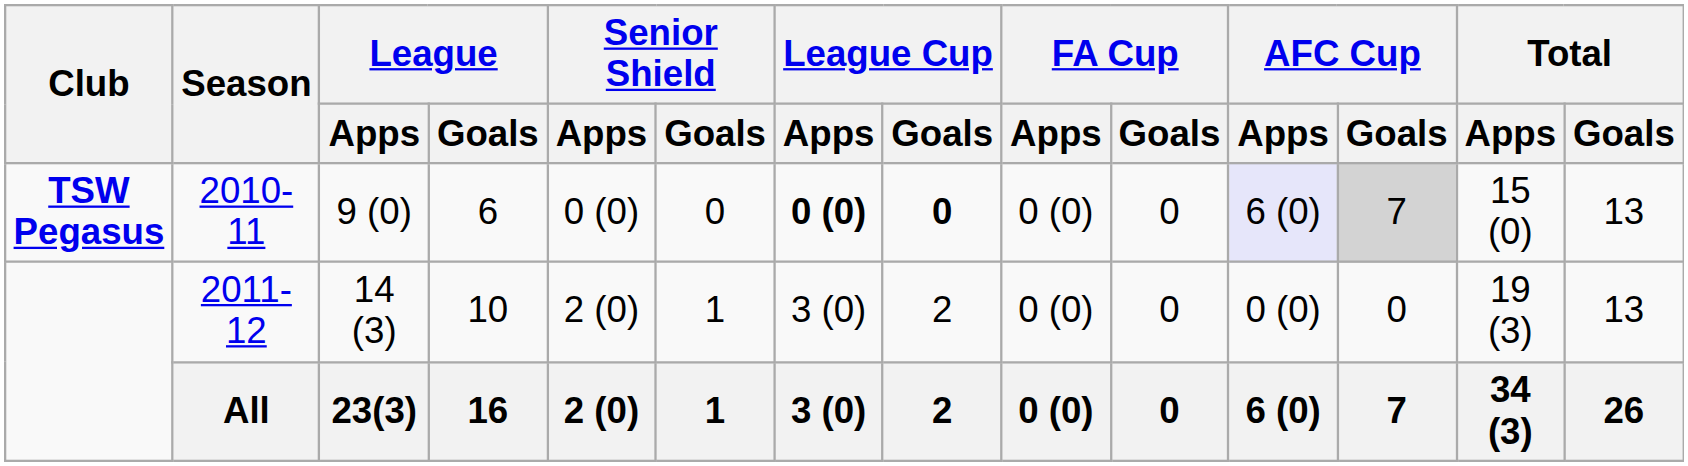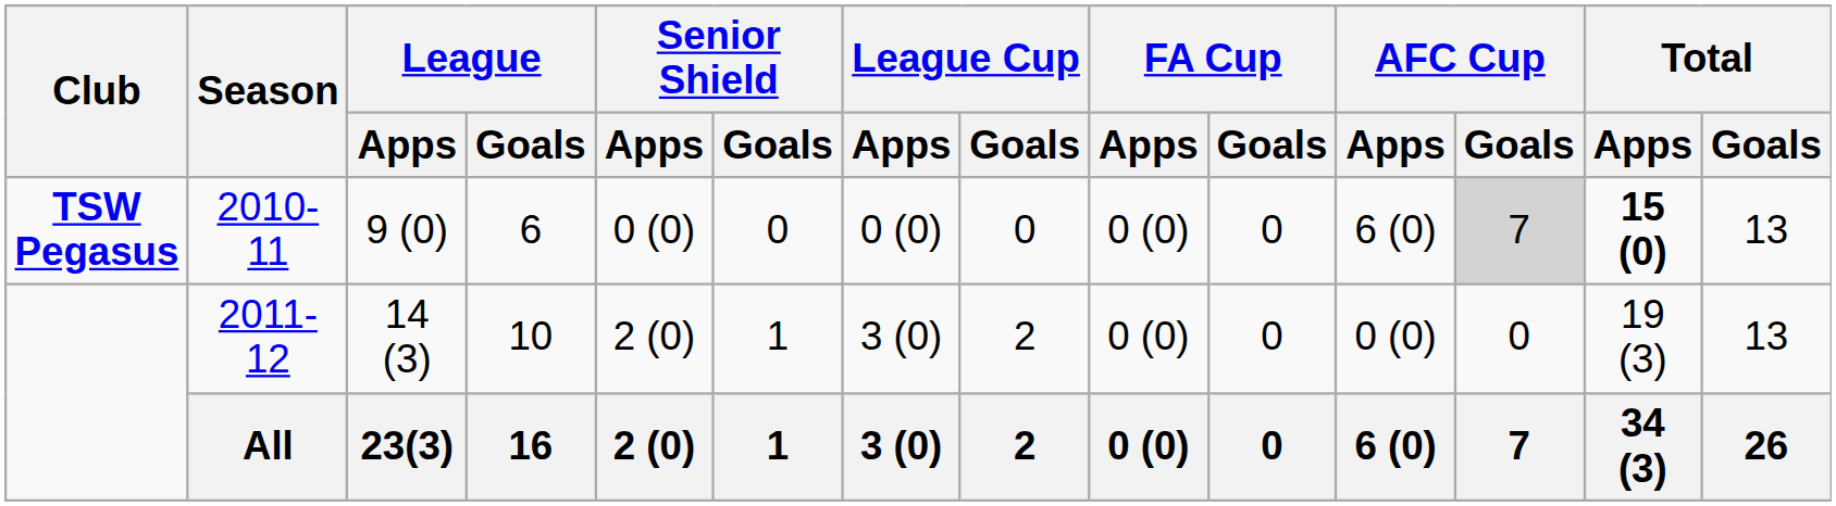 <table class="wikitable" style="text-align: center;">
 <tr>
 <th rowspan="2">Club</th>
 <th rowspan="2">Season</th>
 <th colspan="2"><a href='#'>League</a></th>
 <th colspan="2"><a href='#'>Senior Shield</a></th>
 <th colspan="2"><a href='#'>League Cup</a></th>
 <th colspan="2"><a href='#'>FA Cup</a></th>
 <th colspan="2"><a href='#'>AFC Cup</a></th>
 <th colspan="2">Total</th>
 </tr>
 <tr>
 <th>Apps</th>
 <th>Goals</th>
 <th>Apps</th>
 <th>Goals</th>
 <th>Apps</th>
 <th>Goals</th>
 <th>Apps</th>
 <th>Goals</th>
 <th>Apps</th>
 <th>Goals</th>
 <th>Apps</th>
 <th>Goals</th>
 </tr>
 <tr>
 <td rowspan="1" valign="top"><strong><a href='#'>TSW Pegasus</a></strong></td>
 <td><a href='#'>2010-11</a></td>
 <td>9 (0)</td>
 <td>6</td>
 <td>0 (0)</td>
 <td>0</td>
-<td><strong>0 (0)</strong></td>
-<td><strong>0</strong></td>
 <td>0 (0)</td>
 <td>0</td>
-<td style="background: lavender;">6 (0)</td>
+<td>0 (0)</td>
+<td>0</td>
+<td>6 (0)</td>
 <td style="background: lightgrey;">7</td>
-<td>15 (0)</td>
+<td><strong>15 (0)</strong></td>
 <td>13</td>
 </tr>
 <tr>
 <td rowspan="2" valign="top"></td>
 <td><a href='#'>2011-12</a></td>
 <td>14 (3)</td>
 <td>10</td>
 <td>2 (0)</td>
 <td>1</td>
 <td>3 (0)</td>
 <td>2</td>
 <td>0 (0)</td>
 <td>0</td>
 <td>0 (0)</td>
 <td>0</td>
 <td>19 (3)</td>
 <td>13</td>
 </tr>
 <tr>
 <th>All</th>
 <th>23(3)</th>
 <th>16</th>
 <th>2 (0)</th>
 <th>1</th>
 <th>3 (0)</th>
 <th>2</th>
 <th>0 (0)</th>
 <th>0</th>
 <th>6 (0)</th>
 <th>7</th>
 <th>34 (3)</th>
 <th>26</th>
 </tr>
 </table>
